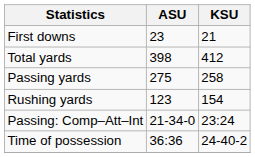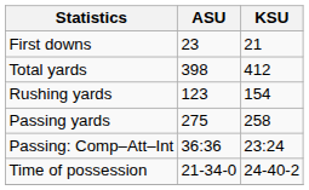 <table class="wikitable" style="float: left;">
 <tr>
 <th>Statistics</th>
 <th>ASU</th>
 <th>KSU</th>
 </tr>
 <tr>
 <td>First downs</td>
 <td>23</td>
 <td>21</td>
 </tr>
 <tr>
 <td>Total yards</td>
 <td>398</td>
 <td>412</td>
 </tr>
 <tr>
+<td>Rushing yards</td>
+<td>123</td>
+<td>154</td>
+</tr>
+<tr>
 <td>Passing yards</td>
 <td>275</td>
 <td>258</td>
 </tr>
 <tr>
-<td>Rushing yards</td>
-<td>123</td>
-<td>154</td>
-</tr>
-<tr>
 <td>Passing: Comp–Att–Int</td>
-<td>21-34-0</td>
+<td>36:36</td>
 <td>23:24</td>
 </tr>
 <tr>
 <td>Time of possession</td>
-<td>36:36</td>
+<td>21-34-0</td>
 <td>24-40-2</td>
 </tr>
 <tr>
 </tr>
 </table>
